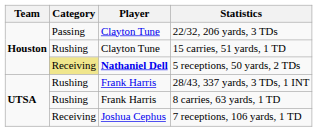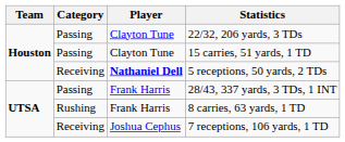 <table class="wikitable" style="float: right;">
 <tr>
 <th>Team</th>
 <th>Category</th>
 <th>Player</th>
 <th>Statistics</th>
 </tr>
 <tr>
 <td rowspan=3><strong>Houston</strong></td>
 <td>Passing</td>
 <td><a href='#'>Clayton Tune</a></td>
 <td>22/32, 206 yards, 3 TDs</td>
 </tr>
 <tr>
-<td>Rushing</td>
+<td>Passing</td>
 <td>Clayton Tune</td>
 <td>15 carries, 51 yards, 1 TD</td>
 </tr>
 <tr>
-<td style="background: khaki;">Receiving</td>
+<td>Receiving</td>
 <td><strong><a href='#'>Nathaniel Dell</a></strong></td>
 <td>5 receptions, 50 yards, 2 TDs</td>
 </tr>
 <tr>
 <td rowspan=3><strong>UTSA</strong></td>
-<td>Rushing</td>
+<td>Passing</td>
 <td><a href='#'>Frank Harris</a></td>
 <td>28/43, 337 yards, 3 TDs, 1 INT</td>
 </tr>
 <tr>
 <td>Rushing</td>
 <td>Frank Harris</td>
 <td>8 carries, 63 yards, 1 TD</td>
 </tr>
 <tr>
 <td>Receiving</td>
 <td><a href='#'>Joshua Cephus</a></td>
 <td>7 receptions, 106 yards, 1 TD</td>
 </tr>
 </table>
